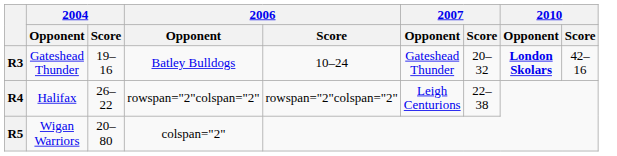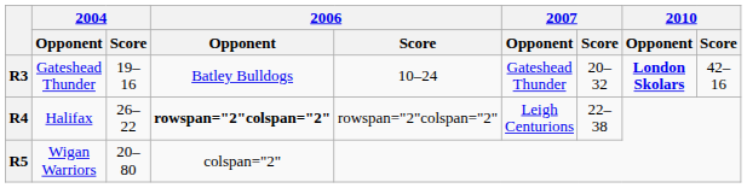 <table class="wikitable" style="text-align: center">
 <tr>
 <th rowspan="2"></th>
 <th colspan="2"><a href='#'>2004</a></th>
 <th colspan="2"><a href='#'>2006</a></th>
 <th colspan="2"><a href='#'>2007</a></th>
 <th colspan="2"><a href='#'>2010</a></th>
 </tr>
 <tr>
 <th>Opponent</th>
 <th>Score</th>
 <th>Opponent</th>
 <th>Score</th>
 <th>Opponent</th>
 <th>Score</th>
 <th>Opponent</th>
 <th>Score</th>
 </tr>
 <tr>
 <th>R3</th>
 <td> <a href='#'>Gateshead Thunder</a></td>
 <td>19–16</td>
 <td> <a href='#'>Batley Bulldogs</a></td>
 <td>10–24</td>
 <td> <a href='#'>Gateshead Thunder</a></td>
 <td>20–32</td>
 <td><strong> <a href='#'>London Skolars</a></strong></td>
 <td>42–16</td>
 </tr>
 <tr>
 <th>R4</th>
 <td> <a href='#'>Halifax</a></td>
 <td>26–22</td>
-<td>rowspan="2"colspan="2"</td>
+<td><strong>rowspan="2"colspan="2"</strong></td>
 <td>rowspan="2"colspan="2"</td>
 <td> <a href='#'>Leigh Centurions</a></td>
 <td>22–38</td>
 </tr>
 <tr>
 <th>R5</th>
 <td> <a href='#'>Wigan Warriors</a></td>
 <td>20–80</td>
 <td>colspan="2"</td>
 </tr>
 </table>
